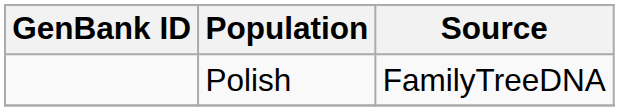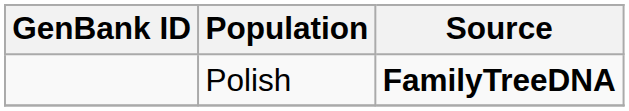 <table class="wikitable sortable">
 <tr>
 <th scope="col">GenBank ID</th>
 <th scope="col">Population</th>
 <th scope="col">Source</th>
 </tr>
 <tr>
 <td></td>
 <td>Polish</td>
-<td>FamilyTreeDNA</td>
+<td><strong>FamilyTreeDNA</strong></td>
 </tr>
 <tr>
 </tr>
 </table>
